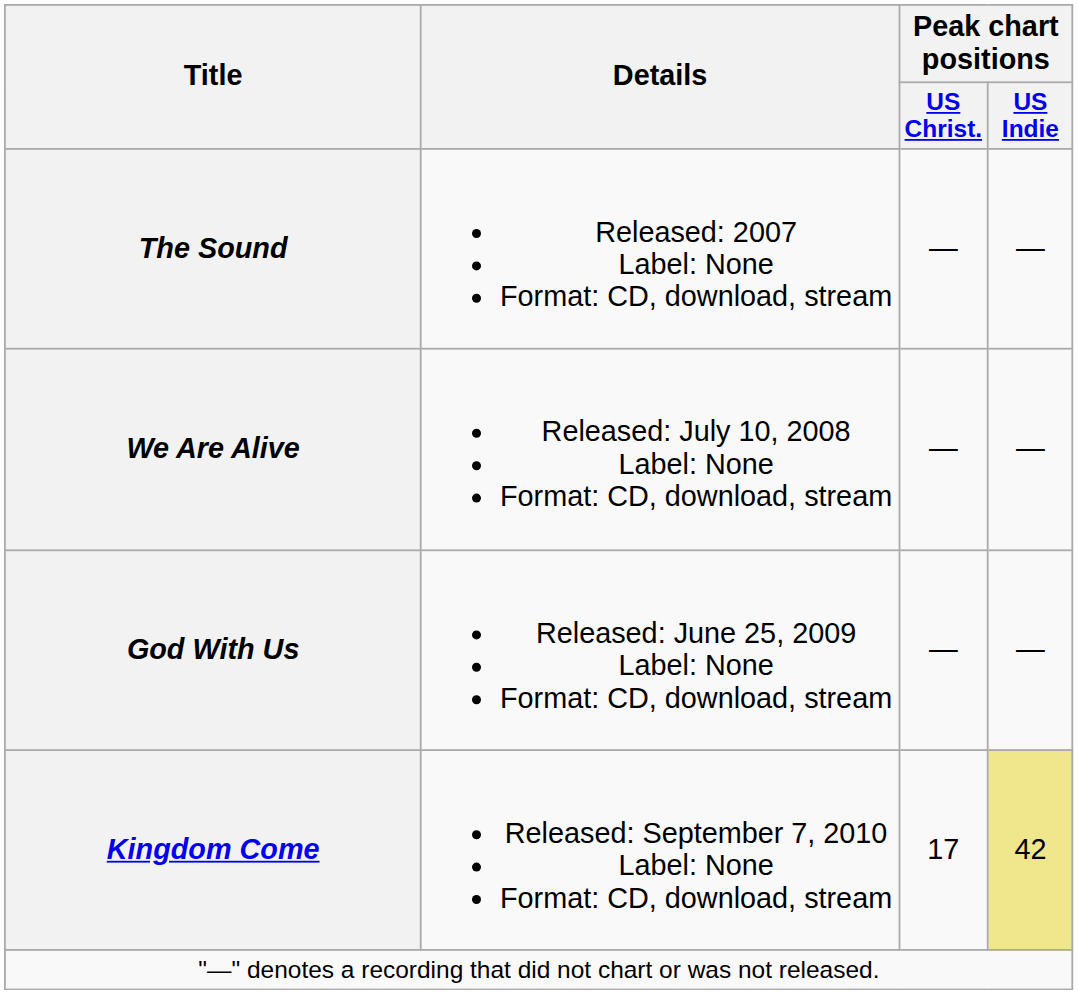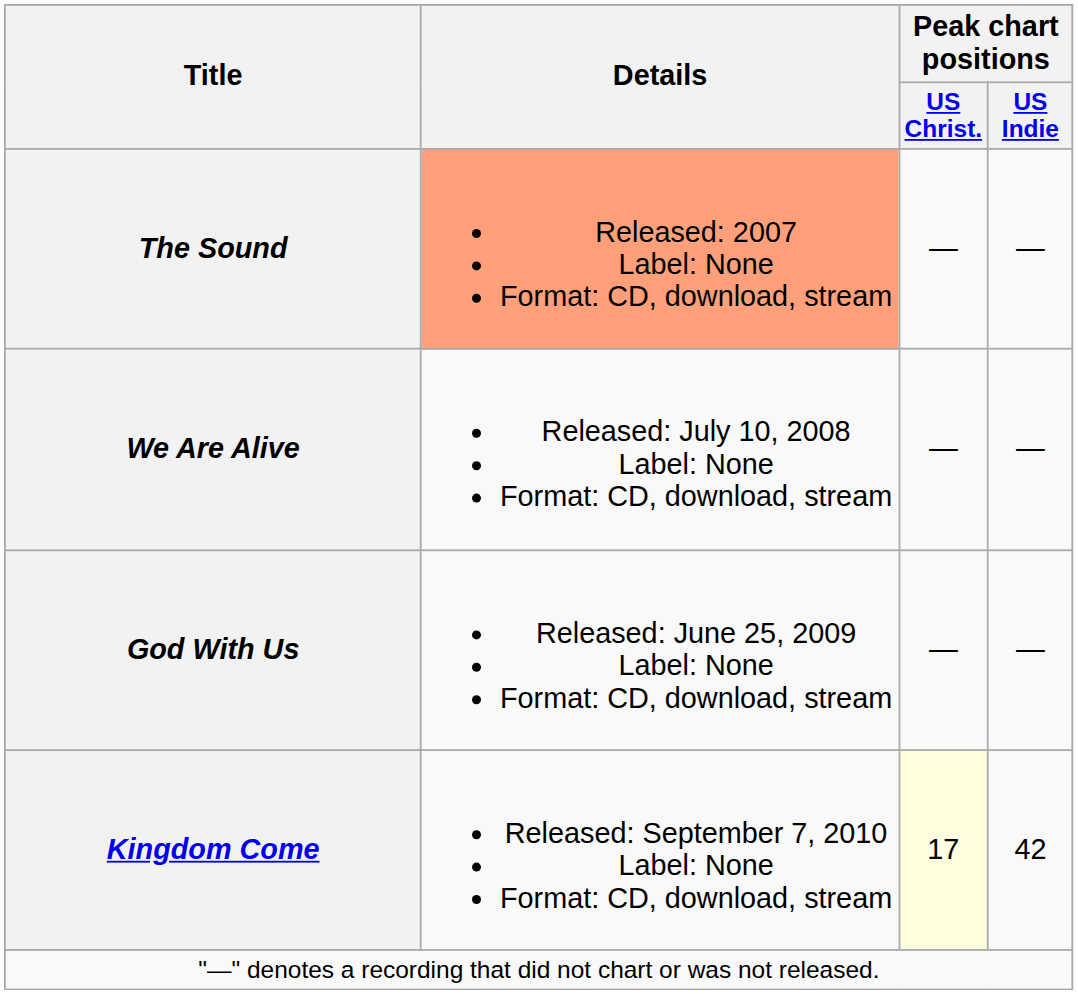 <table class="wikitable plainrowheaders" style="text-align:center;">
 <tr>
 <th rowspan="2" style="width:14em;">Title</th>
 <th rowspan="2">Details</th>
 <th colspan="2">Peak chart positions</th>
 </tr>
 <tr>
 <th scope="col" style="width:3em;font-size:85%;"><a href='#'>US<br>Christ.</a><br></th>
 <th scope="col" style="width:3em;font-size:85%;"><a href='#'>US<br>Indie</a><br></th>
 </tr>
 <tr>
 <th scope="row"><em>The Sound</em></th>
-<td><br><ul><li>Released: 2007</li><li>Label: None</li><li>Format: CD, download, stream</li></ul></td>
+<td style="background: lightsalmon;"><br><ul><li>Released: 2007</li><li>Label: None</li><li>Format: CD, download, stream</li></ul></td>
 <td>—</td>
 <td>—</td>
 </tr>
 <tr>
 <th scope="row"><em>We Are Alive</em></th>
 <td><br><ul><li>Released: July 10, 2008</li><li>Label: None</li><li>Format: CD, download, stream</li></ul></td>
 <td>—</td>
 <td>—</td>
 </tr>
 <tr>
 <th scope="row"><em>God With Us</em></th>
 <td><br><ul><li>Released: June 25, 2009</li><li>Label: None</li><li>Format: CD, download, stream</li></ul></td>
 <td>—</td>
 <td>—</td>
 </tr>
 <tr>
 <th scope="row"><em><a href='#'>Kingdom Come</a></em></th>
 <td><br><ul><li>Released: September 7, 2010</li><li>Label: None</li><li>Format: CD, download, stream</li></ul></td>
-<td>17</td>
-<td style="background: khaki;">42</td>
+<td style="background: lightyellow;">17</td>
+<td>42</td>
 </tr>
 <tr>
 <td colspan="18" style="font-size:85%;">"—" denotes a recording that did not chart or was not released.</td>
 </tr>
 </table>
